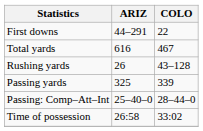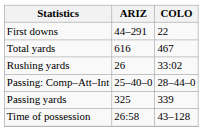 <table class="wikitable" style="float: left;">
 <tr>
 <th>Statistics</th>
 <th>ARIZ</th>
 <th>COLO</th>
 </tr>
 <tr>
 <td>First downs</td>
 <td>44–291</td>
 <td>22</td>
 </tr>
 <tr>
 <td>Total yards</td>
 <td>616</td>
 <td>467</td>
 </tr>
 <tr>
 <td>Rushing yards</td>
 <td>26</td>
-<td>43–128</td>
+<td>33:02</td>
+</tr>
+<tr>
+<td>Passing: Comp–Att–Int</td>
+<td>25–40–0</td>
+<td>28–44–0</td>
 </tr>
 <tr>
 <td>Passing yards</td>
 <td>325</td>
 <td>339</td>
 </tr>
 <tr>
-<td>Passing: Comp–Att–Int</td>
-<td>25–40–0</td>
-<td>28–44–0</td>
-</tr>
-<tr>
 <td>Time of possession</td>
 <td>26:58</td>
-<td>33:02</td>
+<td>43–128</td>
 </tr>
 <tr>
 </tr>
 </table>
